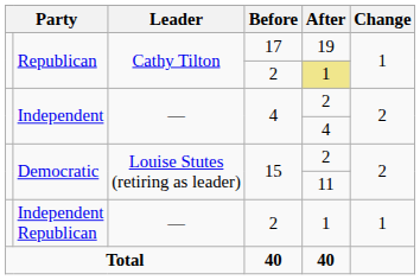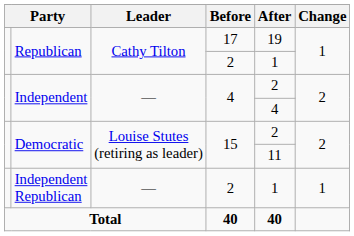 <table class="wikitable" style="text-align:center;">
 <tr>
 </tr>
 <tr>
 <th colspan=2>Party</th>
 <th>Leader</th>
 <th>Before</th>
 <th>After</th>
 <th>Change</th>
 </tr>
 <tr>
 <td rowspan=2 style="background-color:"></td>
 <td rowspan=2 style="text-align:left;"><a href='#'>Republican</a></td>
 <td rowspan=2><a href='#'>Cathy Tilton</a></td>
 <td>17</td>
 <td>19</td>
 <td rowspan=2> 1</td>
 </tr>
 <tr>
 <td>2</td>
-<td style="background: khaki;">1</td>
+<td>1</td>
 </tr>
 <tr>
 <td rowspan=2 style="background-color:"></td>
 <td rowspan=2 style="text-align:left;"><a href='#'>Independent</a></td>
 <td rowspan=2>—</td>
 <td rowspan=2 >4</td>
 <td>2</td>
 <td rowspan=2> 2</td>
 </tr>
 <tr>
 <td>4</td>
 </tr>
 <tr>
 <td rowspan=2 style="background-color:"></td>
 <td rowspan=2 style="text-align:left;"><a href='#'>Democratic</a></td>
 <td rowspan=2><a href='#'>Louise Stutes</a><br>(retiring as leader)</td>
 <td rowspan=2 >15</td>
 <td>2</td>
 <td rowspan=2> 2</td>
 </tr>
 <tr>
 <td>11</td>
 </tr>
 <tr>
 <td style="background-color:"></td>
 <td style="text-align:left;"><a href='#'>Independent<br>Republican</a></td>
 <td>—</td>
 <td>2</td>
 <td>1</td>
 <td> 1</td>
 </tr>
 <tr>
 <td colspan="3"><strong>Total</strong></td>
 <td><strong>40</strong></td>
 <td><strong>40</strong></td>
 <td></td>
 </tr>
 </table>
